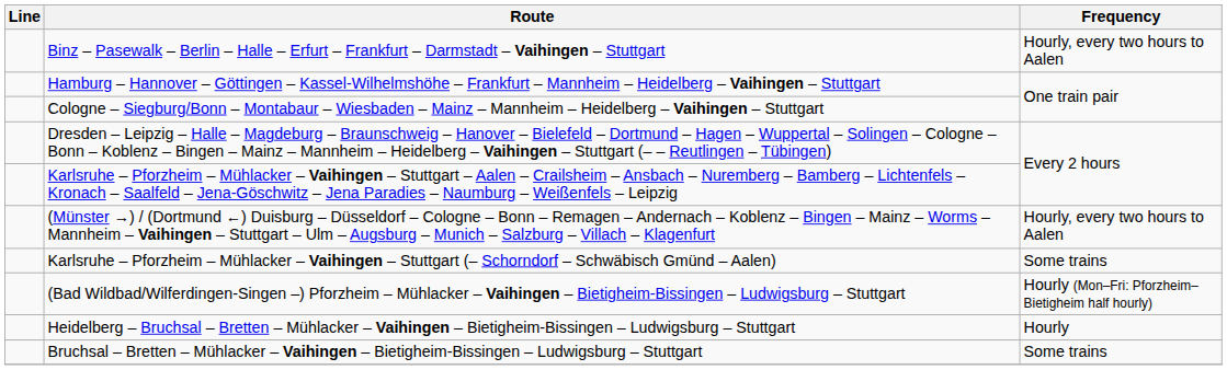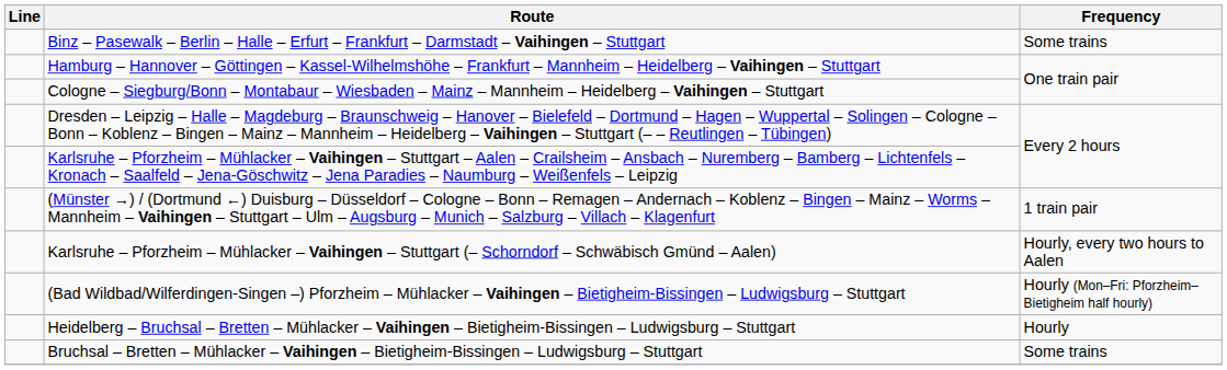 <table class="wikitable">
 <tr>
 <th>Line</th>
 <th>Route</th>
 <th>Frequency</th>
 </tr>
 <tr>
 <td></td>
 <td><a href='#'>Binz</a> – <a href='#'>Pasewalk</a> – <a href='#'>Berlin</a> – <a href='#'>Halle</a> – <a href='#'>Erfurt</a> – <a href='#'>Frankfurt</a> – <a href='#'>Darmstadt</a> – <strong>Vaihingen</strong> – <a href='#'>Stuttgart</a></td>
-<td>Hourly, every two hours to Aalen</td>
+<td>Some trains</td>
 </tr>
 <tr>
 <td></td>
 <td><a href='#'>Hamburg</a> – <a href='#'>Hannover</a> – <a href='#'>Göttingen</a> – <a href='#'>Kassel-Wilhelmshöhe</a> – <a href='#'>Frankfurt</a> – <a href='#'>Mannheim</a> – <a href='#'>Heidelberg</a> – <strong>Vaihingen</strong> – <a href='#'>Stuttgart</a></td>
 <td rowspan="2">One train pair</td>
 </tr>
 <tr>
 <td></td>
 <td>Cologne –  <a href='#'>Siegburg/Bonn</a> – <a href='#'>Montabaur</a> –  <a href='#'>Wiesbaden</a> – <a href='#'>Mainz</a> – Mannheim – Heidelberg – <strong>Vaihingen</strong> – Stuttgart</td>
 </tr>
 <tr>
 <td></td>
 <td>Dresden –  Leipzig – <a href='#'>Halle</a> – <a href='#'>Magdeburg</a> – <a href='#'>Braunschweig</a> – <a href='#'>Hanover</a> – <a href='#'>Bielefeld</a> – <a href='#'>Dortmund</a> – <a href='#'>Hagen</a> – <a href='#'>Wuppertal</a> – <a href='#'>Solingen</a> – Cologne – Bonn – Koblenz – Bingen – Mainz – Mannheim – Heidelberg – <strong>Vaihingen</strong> – Stuttgart (–  – <a href='#'>Reutlingen</a> – <a href='#'>Tübingen</a>)</td>
 <td rowspan="2">Every 2 hours</td>
 </tr>
 <tr>
 <td></td>
 <td><a href='#'>Karlsruhe</a> – <a href='#'>Pforzheim</a> – <a href='#'>Mühlacker</a> – <strong>Vaihingen</strong> – Stuttgart –  <a href='#'>Aalen</a> – <a href='#'>Crailsheim</a> – <a href='#'>Ansbach</a> – <a href='#'>Nuremberg</a> – <a href='#'>Bamberg</a> – <a href='#'>Lichtenfels</a> – <a href='#'>Kronach</a> – <a href='#'>Saalfeld</a> – <a href='#'>Jena-Göschwitz</a> – <a href='#'>Jena Paradies</a> – <a href='#'>Naumburg</a> – <a href='#'>Weißenfels</a> – Leipzig</td>
 </tr>
 <tr>
 <td></td>
 <td>(<a href='#'>Münster</a> →) / (Dortmund ←) Duisburg – Düsseldorf – Cologne – Bonn – Remagen – Andernach – Koblenz – <a href='#'>Bingen</a> – Mainz – <a href='#'>Worms</a> – Mannheim – <strong>Vaihingen</strong> – Stuttgart – Ulm – <a href='#'>Augsburg</a> – <a href='#'>Munich</a> – <a href='#'>Salzburg</a> – <a href='#'>Villach</a> – <a href='#'>Klagenfurt</a></td>
-<td>Hourly, every two hours to Aalen</td>
+<td>1 train pair</td>
 </tr>
 <tr>
 <td></td>
 <td>Karlsruhe – Pforzheim – Mühlacker – <strong>Vaihingen</strong> – Stuttgart (– <a href='#'>Schorndorf</a> – Schwäbisch Gmünd – Aalen)</td>
-<td>Some trains</td>
+<td>Hourly, every two hours to Aalen</td>
 </tr>
 <tr>
 <td></td>
 <td>(Bad Wildbad/Wilferdingen-Singen –) Pforzheim – Mühlacker – <strong>Vaihingen</strong> – <a href='#'>Bietigheim-Bissingen</a> – <a href='#'>Ludwigsburg</a> – Stuttgart</td>
 <td>Hourly <small>(Mon–Fri: Pforzheim–Bietigheim half hourly)</small></td>
 </tr>
 <tr>
 <td></td>
 <td>Heidelberg – <a href='#'>Bruchsal</a> – <a href='#'>Bretten</a> – Mühlacker – <strong>Vaihingen</strong> – Bietigheim-Bissingen – Ludwigsburg – Stuttgart</td>
 <td>Hourly</td>
 </tr>
 <tr>
 <td></td>
 <td>Bruchsal – Bretten – Mühlacker – <strong>Vaihingen</strong> – Bietigheim-Bissingen – Ludwigsburg – Stuttgart</td>
 <td>Some trains</td>
 </tr>
 <tr>
 </tr>
 </table>
